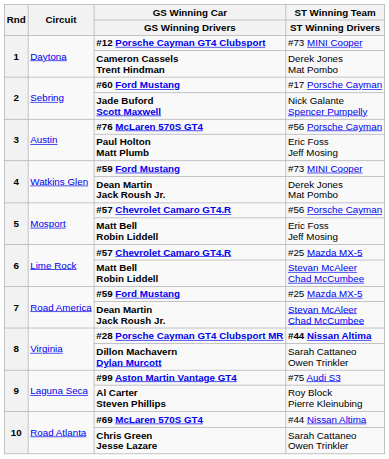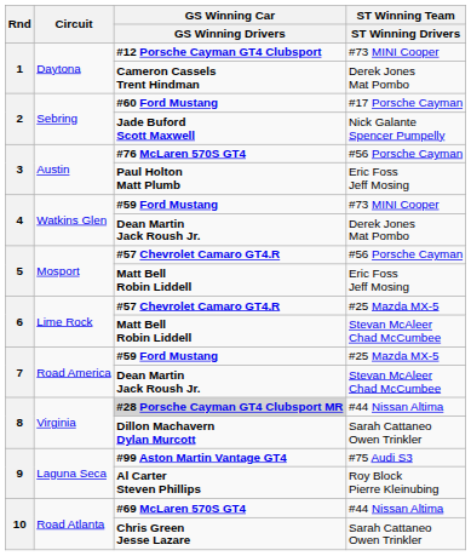 <table class="wikitable" style="font-size: 90%;">
 <tr>
 <th rowspan=2>Rnd</th>
 <th rowspan=2>Circuit</th>
 <th>GS Winning Car</th>
 <th>ST Winning Team</th>
 </tr>
 <tr>
 <th>GS Winning Drivers</th>
 <th>ST Winning Drivers</th>
 </tr>
 <tr>
 <th rowspan=2>1</th>
 <td rowspan=2><a href='#'>Daytona</a></td>
 <td><strong> #12 <a href='#'>Porsche Cayman GT4 Clubsport</a></strong></td>
 <td> #73 <a href='#'>MINI Cooper</a></td>
 </tr>
 <tr>
 <td><strong> Cameron Cassels<br> Trent Hindman</strong></td>
 <td> Derek Jones<br> Mat Pombo</td>
 </tr>
 <tr>
 <th rowspan=2>2</th>
 <td rowspan=2><a href='#'>Sebring</a></td>
 <td><strong> #60 <a href='#'>Ford Mustang</a></strong></td>
 <td> #17 <a href='#'>Porsche Cayman</a></td>
 </tr>
 <tr>
 <td><strong> Jade Buford<br> <a href='#'>Scott Maxwell</a></strong></td>
 <td> Nick Galante<br> <a href='#'>Spencer Pumpelly</a></td>
 </tr>
 <tr>
 <th rowspan=2>3</th>
 <td rowspan=2><a href='#'>Austin</a></td>
 <td><strong> #76 <a href='#'>McLaren 570S GT4</a></strong></td>
 <td> #56 <a href='#'>Porsche Cayman</a></td>
 </tr>
 <tr>
 <td><strong> Paul Holton<br> Matt Plumb</strong></td>
 <td> Eric Foss<br> Jeff Mosing</td>
 </tr>
 <tr>
 <th rowspan=2>4</th>
 <td rowspan=2><a href='#'>Watkins Glen</a></td>
 <td><strong> #59 <a href='#'>Ford Mustang</a></strong></td>
 <td> #73 <a href='#'>MINI Cooper</a></td>
 </tr>
 <tr>
 <td><strong> Dean Martin<br> Jack Roush Jr.</strong></td>
 <td> Derek Jones<br> Mat Pombo</td>
 </tr>
 <tr>
 <th rowspan=2>5</th>
 <td rowspan=2><a href='#'>Mosport</a></td>
 <td><strong> #57 <a href='#'>Chevrolet Camaro GT4.R</a></strong></td>
 <td> #56 <a href='#'>Porsche Cayman</a></td>
 </tr>
 <tr>
 <td><strong> Matt Bell<br> Robin Liddell</strong></td>
 <td> Eric Foss<br> Jeff Mosing</td>
 </tr>
 <tr>
 <th rowspan=2>6</th>
 <td rowspan=2><a href='#'>Lime Rock</a></td>
 <td><strong> #57 <a href='#'>Chevrolet Camaro GT4.R</a></strong></td>
 <td> #25 <a href='#'>Mazda MX-5</a></td>
 </tr>
 <tr>
 <td><strong> Matt Bell<br> Robin Liddell</strong></td>
 <td> <a href='#'>Stevan McAleer</a><br> <a href='#'>Chad McCumbee</a></td>
 </tr>
 <tr>
 <th rowspan=2>7</th>
 <td rowspan=2><a href='#'>Road America</a></td>
 <td><strong> #59 <a href='#'>Ford Mustang</a></strong></td>
 <td> #25 <a href='#'>Mazda MX-5</a></td>
 </tr>
 <tr>
 <td><strong> Dean Martin<br> Jack Roush Jr.</strong></td>
 <td> <a href='#'>Stevan McAleer</a><br> <a href='#'>Chad McCumbee</a></td>
 </tr>
 <tr>
 <th rowspan=2>8</th>
 <td rowspan=2><a href='#'>Virginia</a></td>
-<td><strong> #28 <a href='#'>Porsche Cayman GT4 Clubsport MR</a></strong></td>
-<td><strong> #44 <a href='#'>Nissan Altima</a></strong></td>
+<td style="background: lightgrey;"><strong> #28 <a href='#'>Porsche Cayman GT4 Clubsport MR</a></strong></td>
+<td> #44 <a href='#'>Nissan Altima</a></td>
 </tr>
 <tr>
 <td><strong> Dillon Machavern<br> <a href='#'>Dylan Murcott</a></strong></td>
 <td> Sarah Cattaneo<br> Owen Trinkler</td>
 </tr>
 <tr>
 <th rowspan=2>9</th>
 <td rowspan=2><a href='#'>Laguna Seca</a></td>
 <td><strong> #99 <a href='#'>Aston Martin Vantage GT4</a></strong></td>
 <td>#75 <a href='#'>Audi S3</a></td>
 </tr>
 <tr>
 <td><strong> Al Carter<br> Steven Phillips</strong></td>
 <td> Roy Block<br> Pierre Kleinubing</td>
 </tr>
 <tr>
 <th rowspan=2>10</th>
 <td rowspan=2><a href='#'>Road Atlanta</a></td>
 <td><strong> #69 <a href='#'>McLaren 570S GT4</a></strong></td>
 <td> #44 <a href='#'>Nissan Altima</a></td>
 </tr>
 <tr>
 <td><strong> Chris Green<br> Jesse Lazare</strong></td>
 <td> Sarah Cattaneo<br> Owen Trinkler</td>
 </tr>
 </table>
